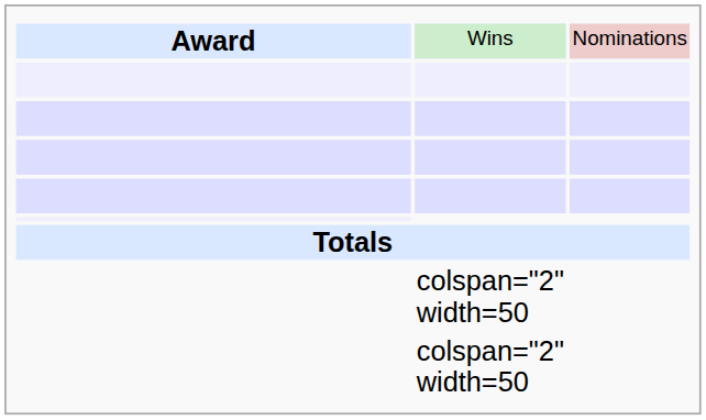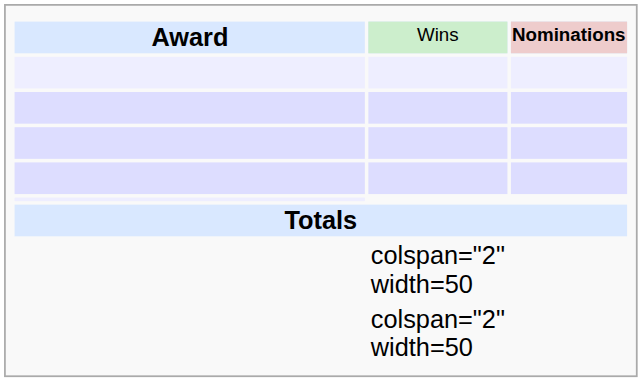 <table class="infobox" style="width: 25em; text-align: left; font-size: 90%; vertical-align: middle;">
 <tr>
 <td colspan="3" style="text-align:center;"></td>
 </tr>
 <tr bgcolor=#D9E8FF style="text-align:center;">
 <th style="vertical-align: middle;">Award</th>
 <td style="background:#cceecc; font-size:8pt;" width="60px">Wins</td>
-<td style="background:#eecccc; font-size:8pt;" width="60px">Nominations</td>
+<td style="background:#eecccc; font-size:8pt;" width="60px"><strong>Nominations</strong></td>
 </tr>
 <tr bgcolor=#eeeeff>
 <td align="center"><br></td>
 <td></td>
 <td></td>
 </tr>
 <tr bgcolor=#ddddff>
 <td align="center"><br></td>
 <td></td>
 <td></td>
 </tr>
 <tr bgcolor=#ddddff>
 <td align="center"><br></td>
 <td></td>
 <td></td>
 </tr>
 <tr bgcolor=#ddddff>
 <td align="center"><br></td>
 <td></td>
 <td></td>
 </tr>
 <tr bgcolor=#eeeeff>
 <td align="center"></td>
 </tr>
 <tr bgcolor=#D9E8FF>
 <td colspan="3" style="text-align:center;"><strong>Totals</strong></td>
 </tr>
 <tr>
 <td></td>
 <td>colspan="2" width=50 </td>
 </tr>
 <tr>
 <td></td>
 <td>colspan="2" width=50 </td>
 </tr>
 <tr>
 </tr>
 </table>
